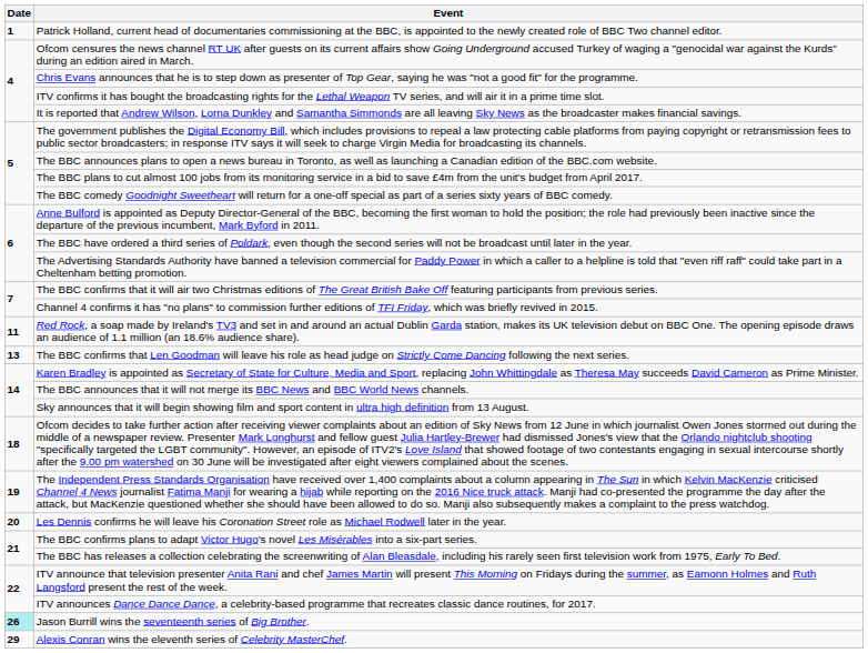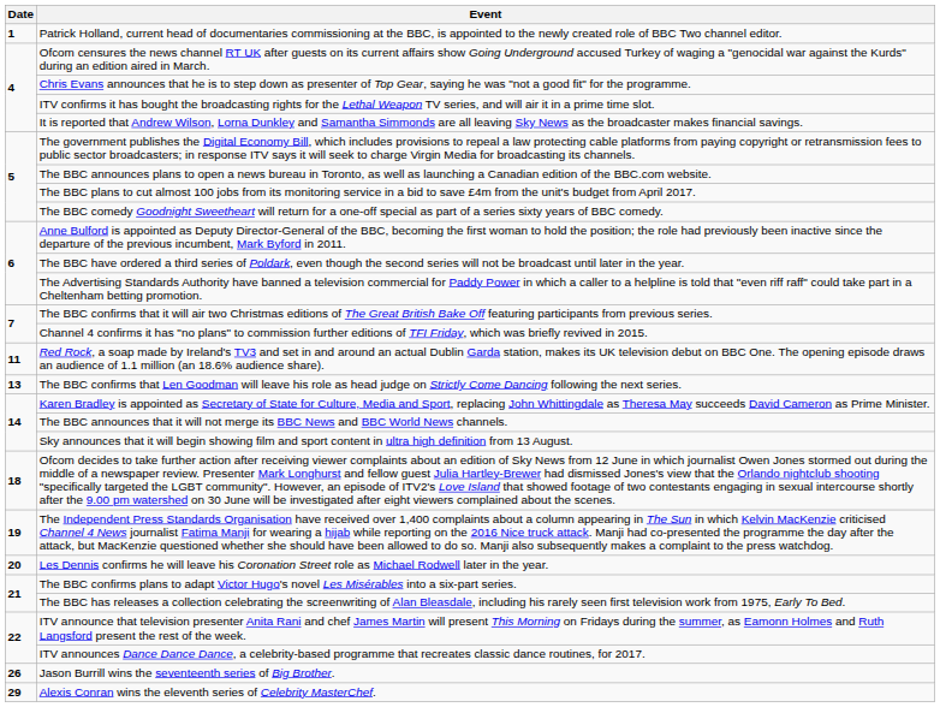 <table class="wikitable">
 <tr>
 <th>Date</th>
 <th>Event</th>
 </tr>
 <tr>
 <td><strong>1</strong></td>
 <td>Patrick Holland, current head of documentaries commissioning at the BBC, is appointed to the newly created role of BBC Two channel editor.</td>
 </tr>
 <tr>
 <td rowspan=4><strong>4</strong></td>
 <td>Ofcom censures the news channel <a href='#'>RT UK</a> after guests on its current affairs show <em>Going Underground</em> accused Turkey of waging a "genocidal war against the Kurds" during an edition aired in March.</td>
 </tr>
 <tr>
 <td><a href='#'>Chris Evans</a> announces that he is to step down as presenter of <em>Top Gear</em>, saying he was "not a good fit" for the programme.</td>
 </tr>
 <tr>
 <td>ITV confirms it has bought the broadcasting rights for the <em><a href='#'>Lethal Weapon</a></em> TV series, and will air it in a prime time slot.</td>
 </tr>
 <tr>
 <td>It is reported that <a href='#'>Andrew Wilson</a>, <a href='#'>Lorna Dunkley</a> and <a href='#'>Samantha Simmonds</a> are all leaving <a href='#'>Sky News</a> as the broadcaster makes financial savings.</td>
 </tr>
 <tr>
 <td rowspan=4><strong>5</strong></td>
 <td>The government publishes the <a href='#'>Digital Economy Bill</a>, which includes provisions to repeal a law protecting cable platforms from paying copyright or retransmission fees to public sector broadcasters; in response ITV says it will seek to charge Virgin Media for broadcasting its channels.</td>
 </tr>
 <tr>
 <td>The BBC announces plans to open a news bureau in Toronto, as well as launching a Canadian edition of the BBC.com website.</td>
 </tr>
 <tr>
 <td>The BBC plans to cut almost 100 jobs from its monitoring service in a bid to save £4m from the unit's budget from April 2017.</td>
 </tr>
 <tr>
 <td>The BBC comedy <em><a href='#'>Goodnight Sweetheart</a></em> will return for a one-off special as part of a series sixty years of BBC comedy.</td>
 </tr>
 <tr>
 <td rowspan=3><strong>6</strong></td>
 <td><a href='#'>Anne Bulford</a> is appointed as Deputy Director-General of the BBC, becoming the first woman to hold the position; the role had previously been inactive since the departure of the previous incumbent, <a href='#'>Mark Byford</a> in 2011.</td>
 </tr>
 <tr>
 <td>The BBC have ordered a third series of <em><a href='#'>Poldark</a></em>, even though the second series will not be broadcast until later in the year.</td>
 </tr>
 <tr>
 <td>The Advertising Standards Authority have banned a television commercial for <a href='#'>Paddy Power</a> in which a caller to a helpline is told that "even riff raff" could take part in a Cheltenham betting promotion.</td>
 </tr>
 <tr>
 <td rowspan=2><strong>7</strong></td>
 <td>The BBC confirms that it will air two Christmas editions of <em><a href='#'>The Great British Bake Off</a></em> featuring participants from previous series.</td>
 </tr>
 <tr>
 <td>Channel 4 confirms it has "no plans" to commission further editions of <em><a href='#'>TFI Friday</a></em>, which was briefly revived in 2015.</td>
 </tr>
 <tr>
 <td><strong>11</strong></td>
 <td><em><a href='#'>Red Rock</a></em>, a soap made by Ireland's <a href='#'>TV3</a> and set in and around an actual Dublin <a href='#'>Garda</a> station, makes its UK television debut on BBC One. The opening episode draws an audience of 1.1 million (an 18.6% audience share).</td>
 </tr>
 <tr>
 <td><strong>13</strong></td>
 <td>The BBC confirms that <a href='#'>Len Goodman</a> will leave his role as head judge on <em><a href='#'>Strictly Come Dancing</a></em> following the next series.</td>
 </tr>
 <tr>
 <td rowspan=3><strong>14</strong></td>
 <td><a href='#'>Karen Bradley</a> is appointed as <a href='#'>Secretary of State for Culture, Media and Sport</a>, replacing <a href='#'>John Whittingdale</a> as <a href='#'>Theresa May</a> succeeds <a href='#'>David Cameron</a> as Prime Minister.</td>
 </tr>
 <tr>
 <td>The BBC announces that it will not merge its <a href='#'>BBC News</a> and <a href='#'>BBC World News</a> channels.</td>
 </tr>
 <tr>
 <td>Sky announces that it will begin showing film and sport content in <a href='#'>ultra high definition</a> from 13 August.</td>
 </tr>
 <tr>
 <td><strong>18</strong></td>
 <td>Ofcom decides to take further action after receiving viewer complaints about an edition of Sky News from 12 June in which journalist Owen Jones stormed out during the middle of a newspaper review. Presenter <a href='#'>Mark Longhurst</a> and fellow guest <a href='#'>Julia Hartley-Brewer</a> had dismissed Jones's view that the <a href='#'>Orlando nightclub shooting</a> "specifically targeted the LGBT community". However, an episode of ITV2's <em><a href='#'>Love Island</a></em> that showed footage of two contestants engaging in sexual intercourse shortly after the <a href='#'>9.00 pm watershed</a> on 30 June will be investigated after eight viewers complained about the scenes.</td>
 </tr>
 <tr>
 <td><strong>19</strong></td>
 <td>The <a href='#'>Independent Press Standards Organisation</a> have received over 1,400 complaints about a column appearing in <em><a href='#'>The Sun</a></em> in which <a href='#'>Kelvin MacKenzie</a> criticised <em><a href='#'>Channel 4 News</a></em> journalist <a href='#'>Fatima Manji</a> for wearing a <a href='#'>hijab</a> while reporting on the <a href='#'>2016 Nice truck attack</a>. Manji had co-presented the programme the day after the attack, but MacKenzie questioned whether she should have been allowed to do so. Manji also subsequently makes a complaint to the press watchdog.</td>
 </tr>
 <tr>
 <td><strong>20</strong></td>
 <td><a href='#'>Les Dennis</a> confirms he will leave his <em>Coronation Street</em> role as <a href='#'>Michael Rodwell</a> later in the year.</td>
 </tr>
 <tr>
 <td rowspan=2><strong>21</strong></td>
 <td>The BBC confirms plans to adapt <a href='#'>Victor Hugo</a>'s novel <em><a href='#'>Les Misérables</a></em> into a six-part series.</td>
 </tr>
 <tr>
 <td>The BBC has releases a collection celebrating the screenwriting of <a href='#'>Alan Bleasdale</a>, including his rarely seen first television work from 1975, <em>Early To Bed</em>.</td>
 </tr>
 <tr>
 <td rowspan=2><strong>22</strong></td>
 <td>ITV announce that television presenter <a href='#'>Anita Rani</a> and chef <a href='#'>James Martin</a> will present <em><a href='#'>This Morning</a></em> on Fridays during the <a href='#'>summer</a>, as <a href='#'>Eamonn Holmes</a> and <a href='#'>Ruth Langsford</a> present the rest of the week.</td>
 </tr>
 <tr>
 <td>ITV announces <em><a href='#'>Dance Dance Dance</a></em>, a celebrity-based programme that recreates classic dance routines, for 2017.</td>
 </tr>
 <tr>
-<td style="background: paleturquoise;"><strong>26</strong></td>
+<td><strong>26</strong></td>
 <td>Jason Burrill wins the <a href='#'>seventeenth series</a> of <em><a href='#'>Big Brother</a></em>.</td>
 </tr>
 <tr>
 <td><strong>29</strong></td>
 <td><a href='#'>Alexis Conran</a> wins the eleventh series of <em><a href='#'>Celebrity MasterChef</a></em>.</td>
 </tr>
 </table>
